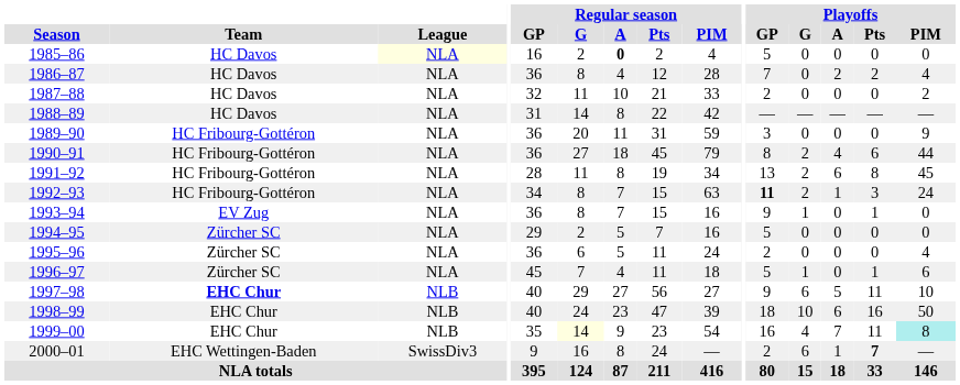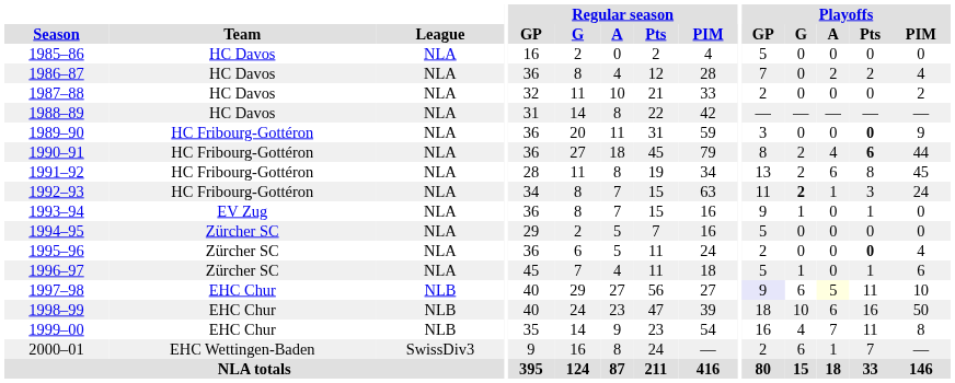 <table border="0" cellpadding="1" cellspacing="0" style="text-align:center; width:60em">
 <tr bgcolor="#e0e0e0">
 <th colspan="3" bgcolor="#ffffff"></th>
 <th rowspan="99" bgcolor="#ffffff"></th>
 <th colspan="5"><a href='#'>Regular season</a></th>
 <th rowspan="99" bgcolor="#ffffff"></th>
 <th colspan="5"><a href='#'>Playoffs</a></th>
 </tr>
 <tr bgcolor="#e0e0e0">
 <th><a href='#'>Season</a></th>
 <th>Team</th>
 <th>League</th>
 <th>GP</th>
 <th><a href='#'>G</a></th>
 <th><a href='#'>A</a></th>
 <th><a href='#'>Pts</a></th>
 <th><a href='#'>PIM</a></th>
 <th>GP</th>
 <th>G</th>
 <th>A</th>
 <th>Pts</th>
 <th>PIM</th>
 </tr>
 <tr>
 <td><a href='#'>1985–86</a></td>
 <td><a href='#'>HC Davos</a></td>
-<td style="background: lightyellow;"><a href='#'>NLA</a></td>
+<td><a href='#'>NLA</a></td>
 <td>16</td>
 <td>2</td>
-<td><strong>0</strong></td>
+<td>0</td>
 <td>2</td>
 <td>4</td>
 <td>5</td>
 <td>0</td>
 <td>0</td>
 <td>0</td>
 <td>0</td>
 </tr>
 <tr bgcolor="#f0f0f0">
 <td><a href='#'>1986–87</a></td>
 <td>HC Davos</td>
 <td>NLA</td>
 <td>36</td>
 <td>8</td>
 <td>4</td>
 <td>12</td>
 <td>28</td>
 <td>7</td>
 <td>0</td>
 <td>2</td>
 <td>2</td>
 <td>4</td>
 </tr>
 <tr>
 <td><a href='#'>1987–88</a></td>
 <td>HC Davos</td>
 <td>NLA</td>
 <td>32</td>
 <td>11</td>
 <td>10</td>
 <td>21</td>
 <td>33</td>
 <td>2</td>
 <td>0</td>
 <td>0</td>
 <td>0</td>
 <td>2</td>
 </tr>
 <tr bgcolor="#f0f0f0">
 <td><a href='#'>1988–89</a></td>
 <td>HC Davos</td>
 <td>NLA</td>
 <td>31</td>
 <td>14</td>
 <td>8</td>
 <td>22</td>
 <td>42</td>
 <td>—</td>
 <td>—</td>
 <td>—</td>
 <td>—</td>
 <td>—</td>
 </tr>
 <tr>
 <td><a href='#'>1989–90</a></td>
 <td><a href='#'>HC Fribourg-Gottéron</a></td>
 <td>NLA</td>
 <td>36</td>
 <td>20</td>
 <td>11</td>
 <td>31</td>
 <td>59</td>
 <td>3</td>
 <td>0</td>
 <td>0</td>
-<td>0</td>
+<td><strong>0</strong></td>
 <td>9</td>
 </tr>
 <tr bgcolor="#f0f0f0">
 <td><a href='#'>1990–91</a></td>
 <td>HC Fribourg-Gottéron</td>
 <td>NLA</td>
 <td>36</td>
 <td>27</td>
 <td>18</td>
 <td>45</td>
 <td>79</td>
 <td>8</td>
 <td>2</td>
 <td>4</td>
-<td>6</td>
+<td><strong>6</strong></td>
 <td>44</td>
 </tr>
 <tr>
 <td><a href='#'>1991–92</a></td>
 <td>HC Fribourg-Gottéron</td>
 <td>NLA</td>
 <td>28</td>
 <td>11</td>
 <td>8</td>
 <td>19</td>
 <td>34</td>
 <td>13</td>
 <td>2</td>
 <td>6</td>
 <td>8</td>
 <td>45</td>
 </tr>
 <tr bgcolor="#f0f0f0">
 <td><a href='#'>1992–93</a></td>
 <td>HC Fribourg-Gottéron</td>
 <td>NLA</td>
 <td>34</td>
 <td>8</td>
 <td>7</td>
 <td>15</td>
 <td>63</td>
-<td><strong>11</strong></td>
-<td>2</td>
+<td>11</td>
+<td><strong>2</strong></td>
 <td>1</td>
 <td>3</td>
 <td>24</td>
 </tr>
 <tr>
 <td><a href='#'>1993–94</a></td>
 <td><a href='#'>EV Zug</a></td>
 <td>NLA</td>
 <td>36</td>
 <td>8</td>
 <td>7</td>
 <td>15</td>
 <td>16</td>
 <td>9</td>
 <td>1</td>
 <td>0</td>
 <td>1</td>
 <td>0</td>
 </tr>
 <tr bgcolor="#f0f0f0">
 <td><a href='#'>1994–95</a></td>
 <td><a href='#'>Zürcher SC</a></td>
 <td>NLA</td>
 <td>29</td>
 <td>2</td>
 <td>5</td>
 <td>7</td>
 <td>16</td>
 <td>5</td>
 <td>0</td>
 <td>0</td>
 <td>0</td>
 <td>0</td>
 </tr>
 <tr>
 <td><a href='#'>1995–96</a></td>
 <td>Zürcher SC</td>
 <td>NLA</td>
 <td>36</td>
 <td>6</td>
 <td>5</td>
 <td>11</td>
 <td>24</td>
 <td>2</td>
 <td>0</td>
 <td>0</td>
-<td>0</td>
+<td><strong>0</strong></td>
 <td>4</td>
 </tr>
 <tr bgcolor="#f0f0f0">
 <td><a href='#'>1996–97</a></td>
 <td>Zürcher SC</td>
 <td>NLA</td>
 <td>45</td>
 <td>7</td>
 <td>4</td>
 <td>11</td>
 <td>18</td>
 <td>5</td>
 <td>1</td>
 <td>0</td>
 <td>1</td>
 <td>6</td>
 </tr>
 <tr>
 <td><a href='#'>1997–98</a></td>
-<td><strong><a href='#'>EHC Chur</a></strong></td>
+<td><a href='#'>EHC Chur</a></td>
 <td><a href='#'>NLB</a></td>
 <td>40</td>
 <td>29</td>
 <td>27</td>
 <td>56</td>
 <td>27</td>
-<td>9</td>
+<td style="background: lavender;">9</td>
 <td>6</td>
-<td>5</td>
+<td style="background: lightyellow;">5</td>
 <td>11</td>
 <td>10</td>
 </tr>
 <tr bgcolor="#f0f0f0">
 <td><a href='#'>1998–99</a></td>
 <td>EHC Chur</td>
 <td>NLB</td>
 <td>40</td>
 <td>24</td>
 <td>23</td>
 <td>47</td>
 <td>39</td>
 <td>18</td>
 <td>10</td>
 <td>6</td>
 <td>16</td>
 <td>50</td>
 </tr>
 <tr>
 <td><a href='#'>1999–00</a></td>
 <td>EHC Chur</td>
 <td>NLB</td>
 <td>35</td>
-<td style="background: lightyellow;">14</td>
+<td>14</td>
 <td>9</td>
 <td>23</td>
 <td>54</td>
 <td>16</td>
 <td>4</td>
 <td>7</td>
 <td>11</td>
-<td style="background: paleturquoise;">8</td>
+<td>8</td>
 </tr>
 <tr bgcolor="#f0f0f0">
 <td>2000–01</td>
 <td>EHC Wettingen-Baden</td>
 <td>SwissDiv3</td>
 <td>9</td>
 <td>16</td>
 <td>8</td>
 <td>24</td>
 <td>—</td>
 <td>2</td>
 <td>6</td>
 <td>1</td>
-<td><strong>7</strong></td>
+<td>7</td>
 <td>—</td>
 </tr>
 <tr>
 </tr>
 <tr ALIGN="center" bgcolor="#e0e0e0">
 <th colspan="3">NLA totals</th>
 <th ALIGN="center">395</th>
 <th ALIGN="center">124</th>
 <th ALIGN="center">87</th>
 <th ALIGN="center">211</th>
 <th ALIGN="center">416</th>
 <th ALIGN="center">80</th>
 <th ALIGN="center">15</th>
 <th ALIGN="center">18</th>
 <th ALIGN="center">33</th>
 <th ALIGN="center">146</th>
 </tr>
 </table>
